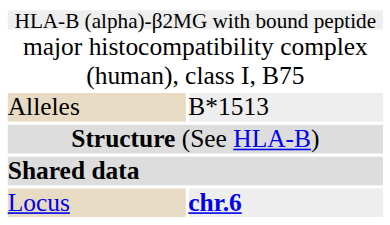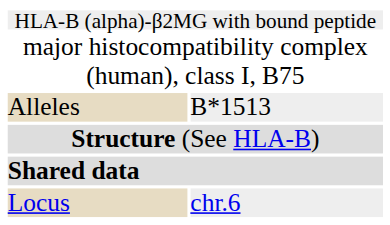 <table id="drugInfoBox" style="float: right; clear: right; margin: 0 0 0.5em 1em; background: #ffffff;" class="toccolours" border=0 cellpadding=0 align="right" width="240px">
 <tr align="center">
 <td colspan="3"></td>
 </tr>
 <tr style="text-align: center; line-height: 0.75;background:#eeeeee">
 <td colspan="3" color="white"><small>HLA-B (alpha)-β2MG with bound peptide</small></td>
 </tr>
 <tr>
 <td align="center" colspan="3"><div>major histocompatibility complex (human), class I, B75</div></td>
 </tr>
 <tr>
 <td bgcolor="#e7dcc3">Alleles</td>
 <td colspan = 2  bgcolor="#eeeeee">B*1513</td>
 </tr>
 <tr align="center">
 <td colspan="3" bgcolor="#dddddd"><strong>Structure</strong> (See <a href='#'>HLA-B</a>)</td>
 </tr>
 <tr>
 <td colspan="2" bgcolor="#dddddd"><strong>Shared data</strong></td>
 </tr>
 <tr>
 <td bgcolor="#e7dcc3"><a href='#'>Locus</a></td>
-<td bgcolor="#eeeeee"><strong><a href='#'>chr.6</a> <em></em></strong></td>
+<td bgcolor="#eeeeee"><a href='#'>chr.6</a> <em></em></td>
 </tr>
 </table>
